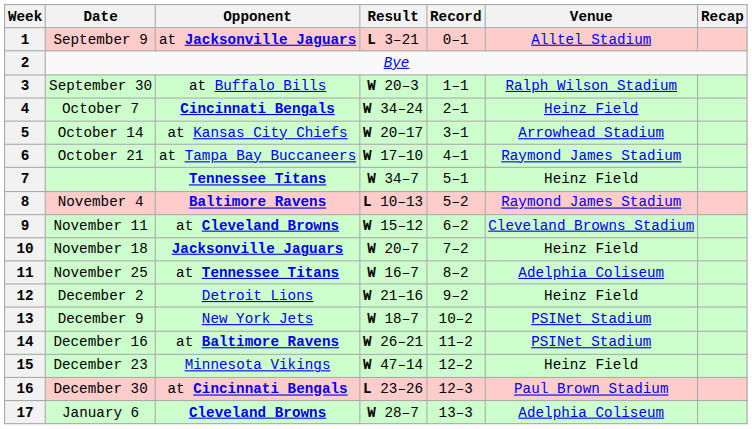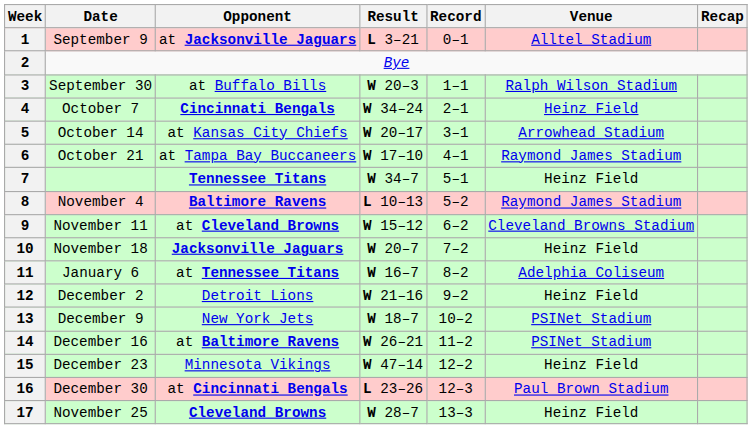 <table class="wikitable" style="text-align:center">
 <tr>
 <th>Week</th>
 <th>Date</th>
 <th>Opponent</th>
 <th>Result</th>
 <th>Record</th>
 <th>Venue</th>
 <th>Recap</th>
 </tr>
 <tr style="background: #fcc;">
 <th>1</th>
 <td>September 9</td>
 <td>at <strong><a href='#'>Jacksonville Jaguars</a></strong></td>
 <td><strong>L</strong> 3–21</td>
 <td>0–1</td>
 <td><a href='#'>Alltel Stadium</a></td>
 <td></td>
 </tr>
 <tr>
 <th>2</th>
 <td colspan="9" align="center"><em><a href='#'>Bye</a></em></td>
 </tr>
 <tr style="background: #cfc;">
 <th>3</th>
 <td>September 30</td>
 <td>at <a href='#'>Buffalo Bills</a></td>
 <td><strong>W</strong> 20–3</td>
 <td>1–1</td>
 <td><a href='#'>Ralph Wilson Stadium</a></td>
 <td></td>
 </tr>
 <tr style="background: #cfc;">
 <th>4</th>
 <td>October 7</td>
 <td><strong><a href='#'>Cincinnati Bengals</a></strong></td>
 <td><strong>W</strong> 34–24</td>
 <td>2–1</td>
 <td><a href='#'>Heinz Field</a></td>
 <td></td>
 </tr>
 <tr style="background: #cfc;">
 <th>5</th>
 <td>October 14</td>
 <td>at <a href='#'>Kansas City Chiefs</a></td>
 <td><strong>W</strong> 20–17</td>
 <td>3–1</td>
 <td><a href='#'>Arrowhead Stadium</a></td>
 <td></td>
 </tr>
 <tr style="background: #cfc;">
 <th>6</th>
 <td>October 21</td>
 <td>at <a href='#'>Tampa Bay Buccaneers</a></td>
 <td><strong>W</strong> 17–10</td>
 <td>4–1</td>
 <td><a href='#'>Raymond James Stadium</a></td>
 <td></td>
 </tr>
 <tr style="background: #cfc;">
 <th>7</th>
 <td></td>
 <td><strong><a href='#'>Tennessee Titans</a></strong></td>
 <td><strong>W</strong> 34–7</td>
 <td>5–1</td>
 <td>Heinz Field</td>
 <td></td>
 </tr>
 <tr style="background: #fcc;">
 <th>8</th>
 <td>November 4</td>
 <td><strong><a href='#'>Baltimore Ravens</a></strong></td>
 <td><strong>L</strong> 10–13</td>
 <td>5–2</td>
 <td><a href='#'>Raymond James Stadium</a></td>
 <td></td>
 </tr>
 <tr style="background: #cfc;">
 <th>9</th>
 <td>November 11</td>
 <td>at <strong><a href='#'>Cleveland Browns</a></strong></td>
 <td><strong>W</strong> 15–12 </td>
 <td>6–2</td>
 <td><a href='#'>Cleveland Browns Stadium</a></td>
 <td></td>
 </tr>
 <tr style="background: #cfc;">
 <th>10</th>
 <td>November 18</td>
 <td><strong><a href='#'>Jacksonville Jaguars</a></strong></td>
 <td><strong>W</strong> 20–7</td>
 <td>7–2</td>
 <td>Heinz Field</td>
 <td></td>
 </tr>
 <tr style="background: #cfc;">
 <th>11</th>
-<td>November 25</td>
+<td>January 6</td>
 <td>at <strong><a href='#'>Tennessee Titans</a></strong></td>
 <td><strong>W</strong> 16–7</td>
 <td>8–2</td>
 <td><a href='#'>Adelphia Coliseum</a></td>
 <td></td>
 </tr>
 <tr style="background: #cfc;">
 <th>12</th>
 <td>December 2</td>
 <td><a href='#'>Detroit Lions</a></td>
 <td><strong>W</strong> 21–16</td>
 <td>9–2</td>
 <td>Heinz Field</td>
 <td></td>
 </tr>
 <tr style="background: #cfc;">
 <th>13</th>
 <td>December 9</td>
 <td><a href='#'>New York Jets</a></td>
 <td><strong>W</strong> 18–7</td>
 <td>10–2</td>
 <td><a href='#'>PSINet Stadium</a></td>
 <td></td>
 </tr>
 <tr style="background: #cfc;">
 <th>14</th>
 <td>December 16</td>
 <td>at <strong><a href='#'>Baltimore Ravens</a></strong></td>
 <td><strong>W</strong> 26–21</td>
 <td>11–2</td>
 <td><a href='#'>PSINet Stadium</a></td>
 <td></td>
 </tr>
 <tr style="background: #cfc;">
 <th>15</th>
 <td>December 23</td>
 <td><a href='#'>Minnesota Vikings</a></td>
 <td><strong>W</strong> 47–14</td>
 <td>12–2</td>
 <td>Heinz Field</td>
 <td></td>
 </tr>
 <tr style="background: #fcc;">
 <th>16</th>
 <td>December 30</td>
 <td>at <strong><a href='#'>Cincinnati Bengals</a></strong></td>
 <td><strong>L</strong> 23–26 </td>
 <td>12–3</td>
 <td><a href='#'>Paul Brown Stadium</a></td>
 <td></td>
 </tr>
 <tr style="background: #cfc;">
 <th>17</th>
-<td>January 6</td>
+<td>November 25</td>
 <td><strong><a href='#'>Cleveland Browns</a></strong></td>
 <td><strong>W</strong> 28–7</td>
 <td>13–3</td>
-<td><a href='#'>Adelphia Coliseum</a></td>
+<td>Heinz Field</td>
 <td></td>
 </tr>
 </table>
